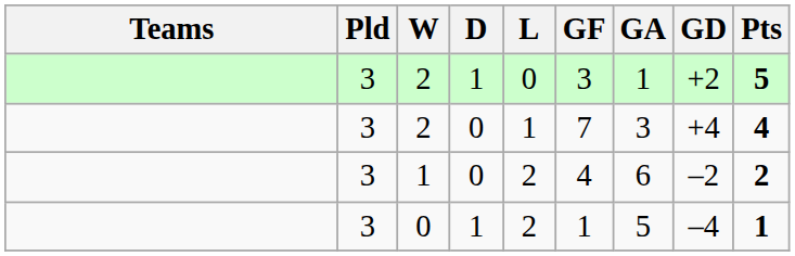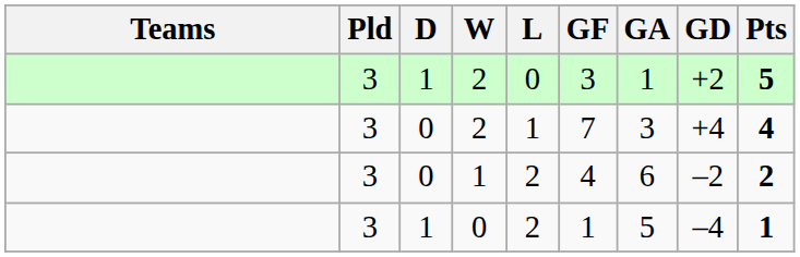 <table class="wikitable" style="text-align: center;">
 <tr>
 <th width=165>Teams</th>
 <th width=20>Pld</th>
+<th width=20>D</th>
 <th width=20>W</th>
-<th width=20>D</th>
 <th width=20>L</th>
 <th width=20>GF</th>
 <th width=20>GA</th>
 <th width=20>GD</th>
 <th width=20>Pts</th>
 </tr>
 <tr align=center style="background:#ccffcc;">
 <td style="text-align:left;"></td>
 <td>3</td>
+<td>1</td>
 <td>2</td>
-<td>1</td>
 <td>0</td>
 <td>3</td>
 <td>1</td>
 <td>+2</td>
 <td><strong>5</strong></td>
 </tr>
 <tr>
 <td style="text-align:left;"></td>
 <td>3</td>
+<td>0</td>
 <td>2</td>
-<td>0</td>
 <td>1</td>
 <td>7</td>
 <td>3</td>
 <td>+4</td>
 <td><strong>4</strong></td>
 </tr>
 <tr align=center>
 <td style="text-align:left;"></td>
 <td>3</td>
+<td>0</td>
 <td>1</td>
-<td>0</td>
 <td>2</td>
 <td>4</td>
 <td>6</td>
 <td>–2</td>
 <td><strong>2</strong></td>
 </tr>
 <tr align=center>
 <td style="text-align:left;"></td>
 <td>3</td>
+<td>1</td>
 <td>0</td>
-<td>1</td>
 <td>2</td>
 <td>1</td>
 <td>5</td>
 <td>–4</td>
 <td><strong>1</strong></td>
 </tr>
 </table>
